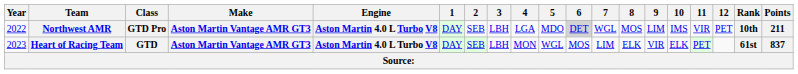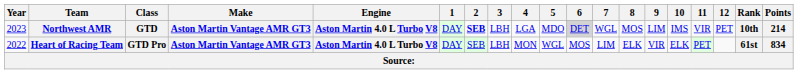 <table class="wikitable" style="text-align:center; font-size:90%">
 <tr>
 <th>Year</th>
 <th>Team</th>
 <th>Class</th>
 <th>Make</th>
 <th>Engine</th>
 <th>1</th>
 <th>2</th>
 <th>3</th>
 <th>4</th>
 <th>5</th>
 <th>6</th>
 <th>7</th>
 <th>8</th>
 <th>9</th>
 <th>10</th>
 <th>11</th>
 <th>12</th>
 <th>Rank</th>
 <th>Points</th>
 </tr>
 <tr>
-<td><a href='#'>2022</a></td>
+<td><a href='#'>2023</a></td>
 <th><a href='#'>Northwest AMR</a></th>
-<th>GTD Pro</th>
+<th>GTD</th>
 <th><a href='#'>Aston Martin Vantage AMR GT3</a></th>
 <th><a href='#'>Aston Martin</a>  4.0 L <a href='#'>Turbo</a> <a href='#'>V8</a></th>
 <td style="background:#DFFFDF;"><a href='#'>DAY</a><br></td>
-<td><a href='#'>SEB</a></td>
+<td><strong><a href='#'>SEB</a></strong></td>
 <td><a href='#'>LBH</a></td>
 <td><a href='#'>LGA</a></td>
 <td><a href='#'>MDO</a></td>
 <td style="background: lightgrey;"><a href='#'>DET</a></td>
 <td><a href='#'>WGL</a></td>
 <td><a href='#'>MOS</a></td>
 <td><a href='#'>LIM</a></td>
 <td style="background:#;"><a href='#'>IMS</a></td>
 <td style="background:#;”"><a href='#'>VIR</a></td>
 <td><a href='#'>PET</a></td>
 <th>10th</th>
-<th>211</th>
+<th>214</th>
 </tr>
 <tr>
-<td><a href='#'>2023</a></td>
+<td><a href='#'>2022</a></td>
 <th><a href='#'>Heart of Racing Team</a></th>
-<th>GTD</th>
+<th>GTD Pro</th>
 <th><a href='#'>Aston Martin Vantage AMR GT3</a></th>
 <th><a href='#'>Aston Martin</a> 4.0 L Turbo <a href='#'>V8</a></th>
 <td style="background:#DFFFDF;"><a href='#'>DAY</a><br></td>
 <td style="background:#DFFFDF;"><a href='#'>SEB</a><br></td>
 <td style="background:#;"><a href='#'>LBH</a></td>
 <td style="background:#;"><a href='#'>MON</a></td>
 <td style="background:#;"><a href='#'>WGL</a></td>
 <td style="background:#;"><a href='#'>MOS</a></td>
 <td style="background:#;"><a href='#'>LIM</a></td>
 <td style="background:#;"><a href='#'>ELK</a></td>
 <td style="background:#;"><a href='#'>VIR</a></td>
 <td style="background:#;”"><a href='#'>ELK</a></td>
 <td style="background:#DFFFDF;"><a href='#'>PET</a><br></td>
 <td></td>
 <th>61st</th>
-<th>837</th>
+<th>834</th>
 </tr>
 <tr>
 <th colspan="19">Source:</th>
 </tr>
 </table>
